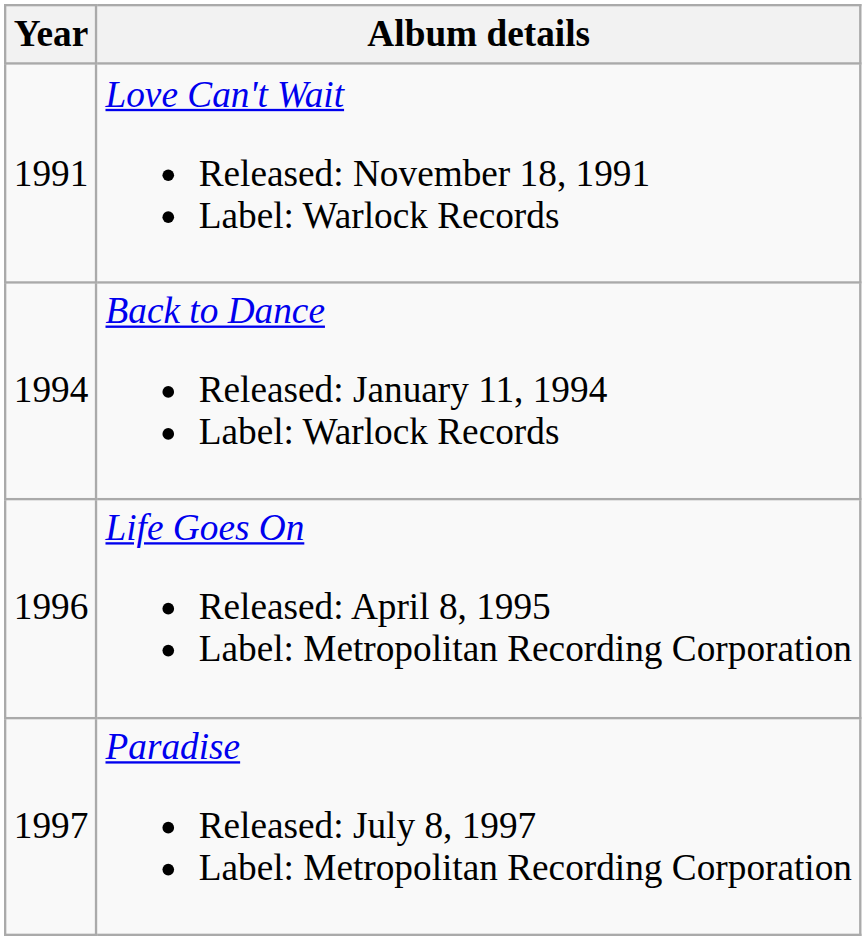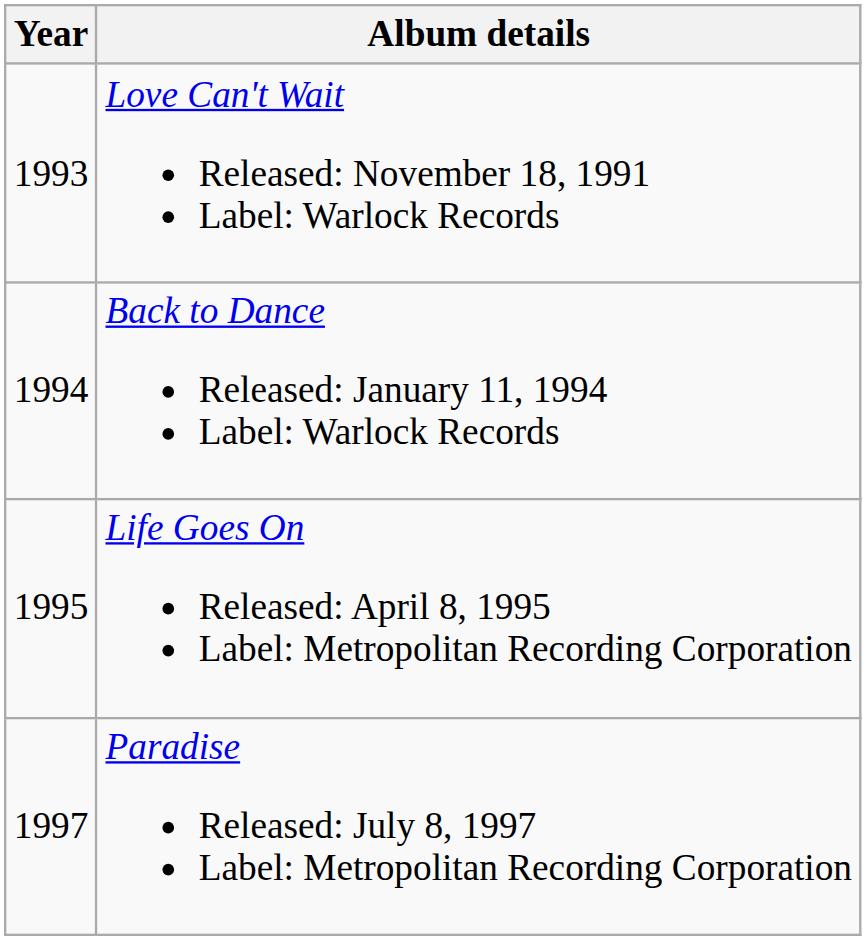 <table Class = "wikitable">
 <tr>
 <th>Year</th>
 <th>Album details</th>
 </tr>
 <tr>
-<td style="text-align:center;">1991</td>
+<td style="text-align:center;">1993</td>
 <td><em><a href='#'>Love Can't Wait</a></em><br><ul><li>Released: November 18, 1991</li><li>Label: Warlock Records</li></ul></td>
 </tr>
 <tr>
 <td style="text-align:center;">1994</td>
 <td><em><a href='#'>Back to Dance</a></em><br><ul><li>Released: January 11, 1994</li><li>Label: Warlock Records</li></ul></td>
 </tr>
 <tr>
-<td style="text-align:center;">1996</td>
+<td style="text-align:center;">1995</td>
 <td><em><a href='#'>Life Goes On</a></em><br><ul><li>Released: April 8, 1995</li><li>Label: Metropolitan Recording Corporation</li></ul></td>
 </tr>
 <tr>
 <td style="text-align:center;">1997</td>
 <td><em><a href='#'>Paradise</a></em><br><ul><li>Released: July 8, 1997</li><li>Label: Metropolitan Recording Corporation</li></ul></td>
 </tr>
 </table>
